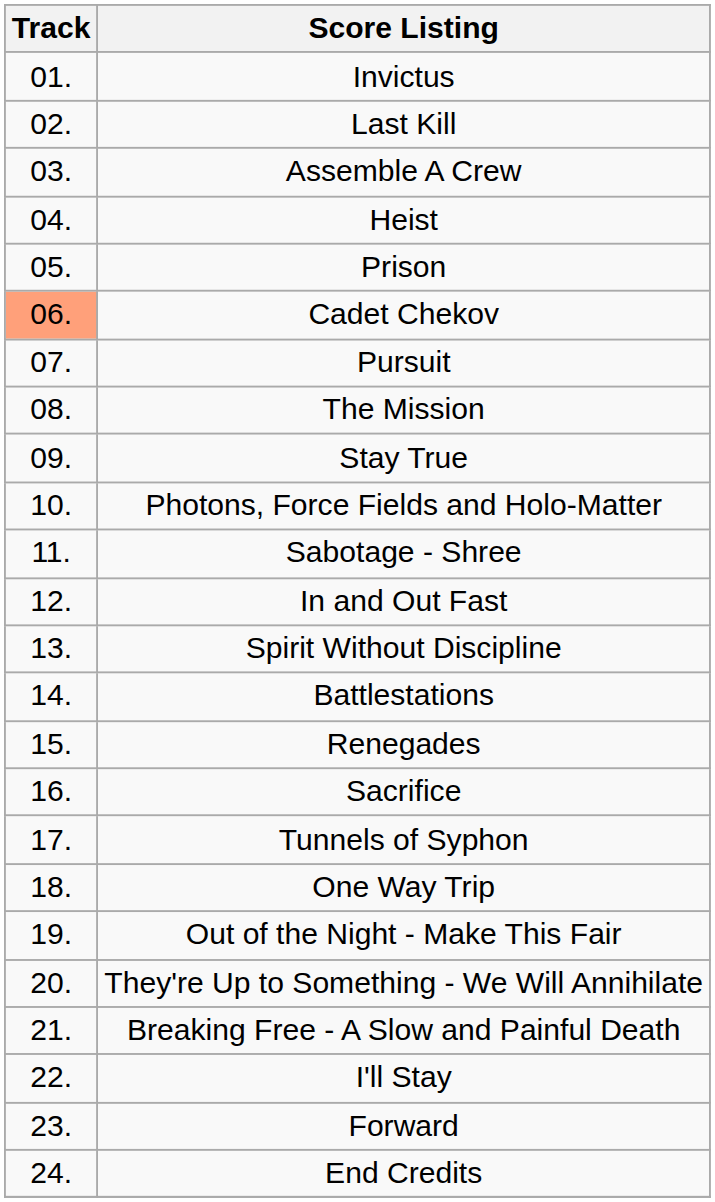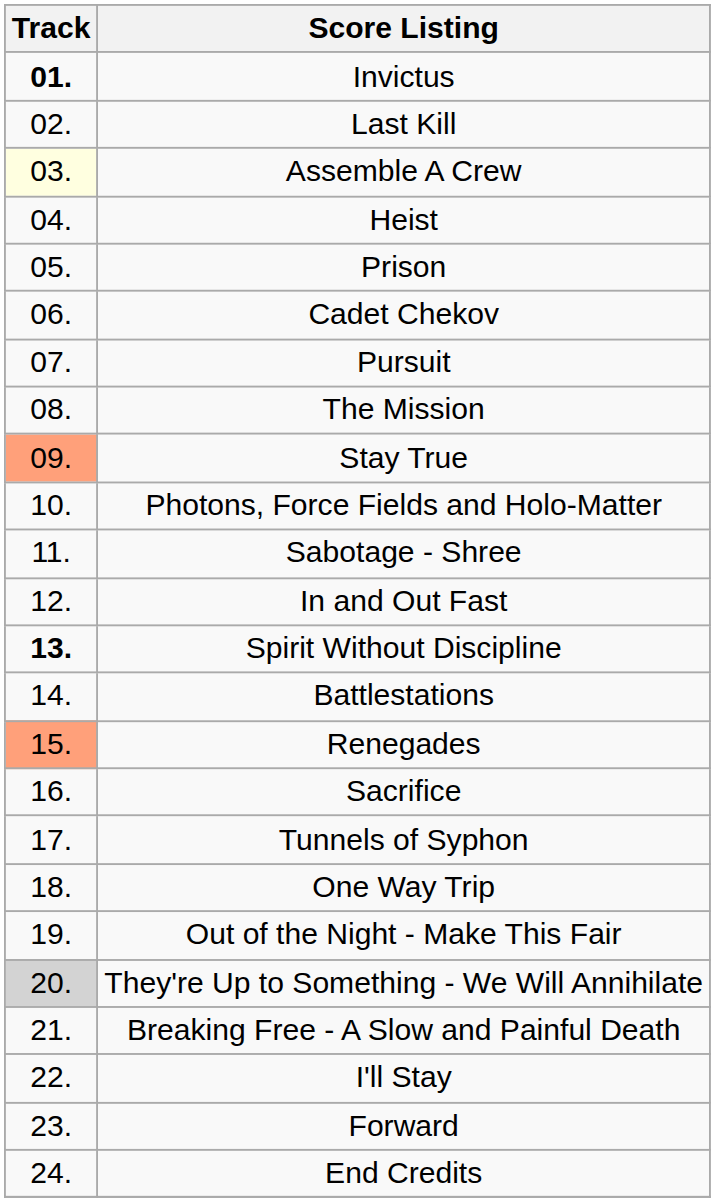 <table class="wikitable" style="text-align:center;">
 <tr>
 <th>Track</th>
 <th>Score Listing</th>
 </tr>
 <tr>
-<td>01.</td>
+<td><strong>01.</strong></td>
 <td>Invictus</td>
 </tr>
 <tr>
 <td>02.</td>
 <td>Last Kill</td>
 </tr>
 <tr>
-<td>03.</td>
+<td style="background: lightyellow;">03.</td>
 <td>Assemble A Crew</td>
 </tr>
 <tr>
 <td>04.</td>
 <td>Heist</td>
 </tr>
 <tr>
 <td>05.</td>
 <td>Prison</td>
 </tr>
 <tr>
-<td style="background: lightsalmon;">06.</td>
+<td>06.</td>
 <td>Cadet Chekov</td>
 </tr>
 <tr>
 <td>07.</td>
 <td>Pursuit</td>
 </tr>
 <tr>
 <td>08.</td>
 <td>The Mission</td>
 </tr>
 <tr>
-<td>09.</td>
+<td style="background: lightsalmon;">09.</td>
 <td>Stay True</td>
 </tr>
 <tr>
 <td>10.</td>
 <td>Photons, Force Fields and Holo-Matter</td>
 </tr>
 <tr>
 <td>11.</td>
 <td>Sabotage - Shree</td>
 </tr>
 <tr>
 <td>12.</td>
 <td>In and Out Fast</td>
 </tr>
 <tr>
-<td>13.</td>
+<td><strong>13.</strong></td>
 <td>Spirit Without Discipline</td>
 </tr>
 <tr>
 <td>14.</td>
 <td>Battlestations</td>
 </tr>
 <tr>
-<td>15.</td>
+<td style="background: lightsalmon;">15.</td>
 <td>Renegades</td>
 </tr>
 <tr>
 <td>16.</td>
 <td>Sacrifice</td>
 </tr>
 <tr>
 <td>17.</td>
 <td>Tunnels of Syphon</td>
 </tr>
 <tr>
 <td>18.</td>
 <td>One Way Trip</td>
 </tr>
 <tr>
 <td>19.</td>
 <td>Out of the Night - Make This Fair</td>
 </tr>
 <tr>
-<td>20.</td>
+<td style="background: lightgrey;">20.</td>
 <td>They're Up to Something - We Will Annihilate</td>
 </tr>
 <tr>
 <td>21.</td>
 <td>Breaking Free - A Slow and Painful Death</td>
 </tr>
 <tr>
 <td>22.</td>
 <td>I'll Stay</td>
 </tr>
 <tr>
 <td>23.</td>
 <td>Forward</td>
 </tr>
 <tr>
 <td>24.</td>
 <td>End Credits</td>
 </tr>
 <tr>
 </tr>
 </table>
